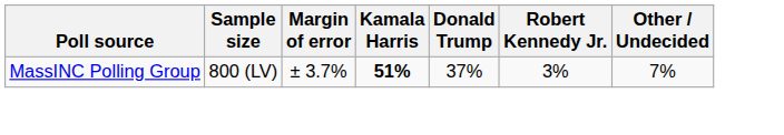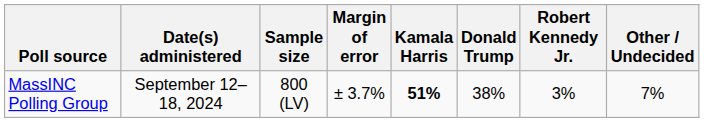 <table class="wikitable sortable mw-datatable" style="font-size:90%;text-align:center;line-height:17px">
 <tr style="vertical-align:bottom">
 <th>Poll source</th>
+<th>Date(s)<br>administered</th>
 <th>Sample<br>size</th>
 <th>Margin<br>of error</th>
 <th class="unsortable">Kamala<br>Harris<br></th>
 <th class="unsortable">Donald<br>Trump<br></th>
 <th class="unsortable">Robert<br>Kennedy Jr.<br></th>
 <th class="unsortable">Other /<br>Undecided</th>
 </tr>
 <tr>
 <td style="text-align:left;"><a href='#'>MassINC Polling Group</a></td>
+<td data-sort-value="2024-09-18">September 12–18, 2024</td>
 <td>800 (LV)</td>
 <td>± 3.7%</td>
 <td style="color:black;background-color:"><strong>51%</strong></td>
-<td>37%</td>
+<td>38%</td>
 <td>3%</td>
 <td>7%</td>
 </tr>
 </table>
